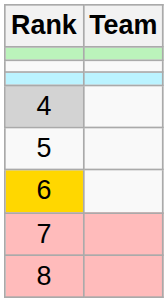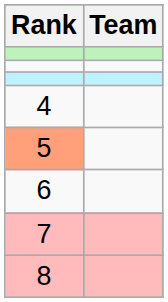 <table class=wikitable style="text-align:center;">
 <tr>
 <th>Rank</th>
 <th>Team</th>
 </tr>
 <tr bgcolor=bbf3bb>
 <td></td>
 <td align=left></td>
 </tr>
 <tr>
 <td></td>
 <td align=left></td>
 </tr>
 <tr bgcolor=bbf3ff>
 <td></td>
 <td align=left></td>
 </tr>
 <tr>
-<td style="background: lightgrey;">4</td>
+<td>4</td>
 <td align=left></td>
 </tr>
 <tr>
-<td>5</td>
+<td style="background: lightsalmon;">5</td>
 <td align=left></td>
 </tr>
 <tr>
-<td style="background: gold;">6</td>
+<td>6</td>
 <td align=left></td>
 </tr>
 <tr bgcolor=ffbbbb>
 <td>7</td>
 <td align=left></td>
 </tr>
 <tr bgcolor=ffbbbb>
 <td>8</td>
 <td align=left></td>
 </tr>
 </table>
